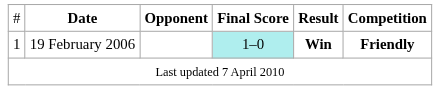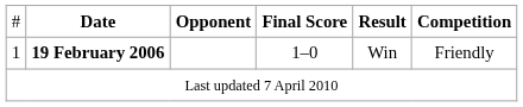 <table border=1 align=center cellpadding=4 cellspacing=2 style="font-size:90%; border: 1px #aaaaaa solid; border-collapse: collapse; text-align: center;">
 <tr>
 <td>#</td>
 <th>Date</th>
 <th>Opponent</th>
 <th>Final Score</th>
 <th>Result</th>
 <th>Competition</th>
 </tr>
 <tr>
 <td>1</td>
-<td>19 February 2006</td>
+<td><strong>19 February 2006</strong></td>
 <td></td>
-<td style="background: paleturquoise;">1–0</td>
-<td><strong>Win</strong></td>
-<td><strong>Friendly</strong></td>
+<td>1–0</td>
+<td>Win</td>
+<td>Friendly</td>
 </tr>
 <tr>
 <td colspan="12"><small>Last updated 7 April 2010</small></td>
 </tr>
 </table>
